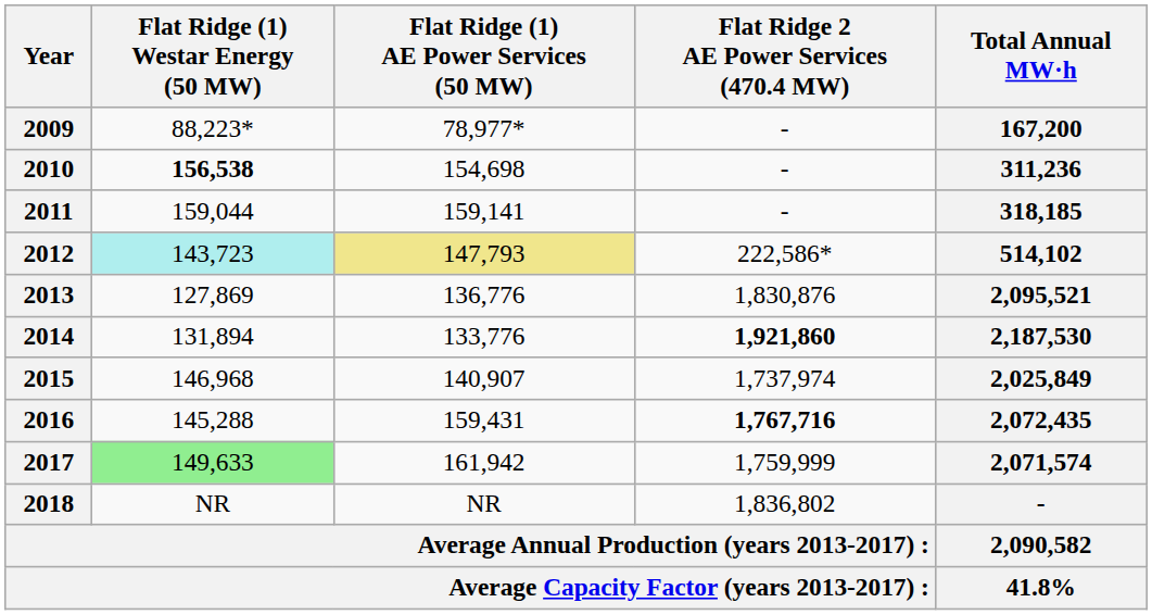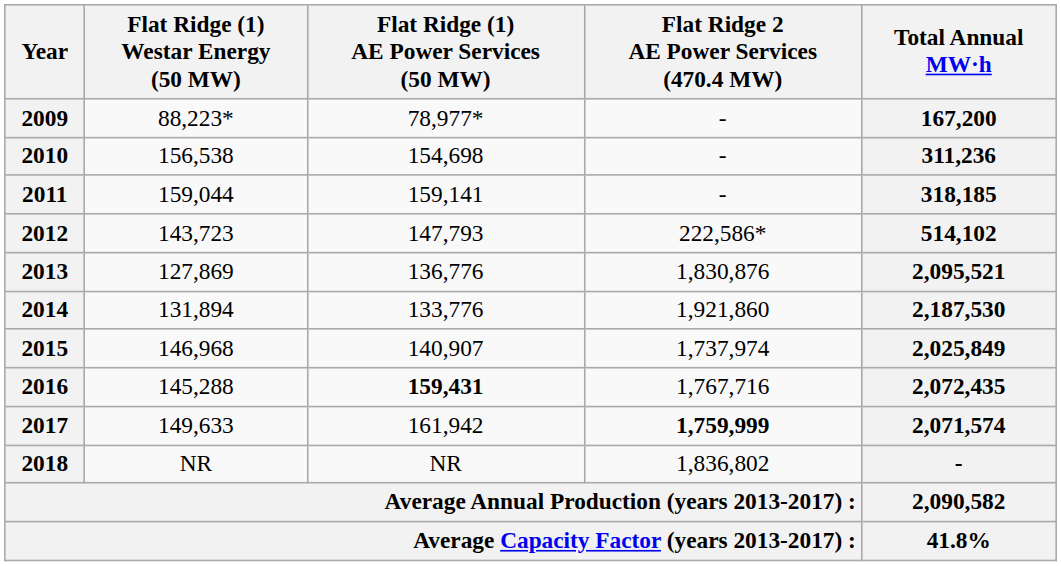 <table class=wikitable style="text-align:center; font-size:0.9em; width:650px;">
 <tr>
 <th>Year</th>
 <th>Flat Ridge (1)<br>Westar Energy<br> (50 MW) </th>
 <th>Flat Ridge (1)<br>AE Power Services<br> (50 MW) </th>
 <th>Flat Ridge 2<br>AE Power Services<br>(470.4 MW) </th>
 <th>Total Annual<br><a href='#'>MW·h</a></th>
 </tr>
 <tr>
 <th>2009</th>
 <td>88,223*</td>
 <td>78,977*</td>
 <td>-</td>
 <th>167,200</th>
 </tr>
 <tr>
 <th>2010</th>
-<td><strong>156,538</strong></td>
+<td>156,538</td>
 <td>154,698</td>
 <td>-</td>
 <th>311,236</th>
 </tr>
 <tr>
 <th>2011</th>
 <td>159,044</td>
 <td>159,141</td>
 <td>-</td>
 <th>318,185</th>
 </tr>
 <tr>
 <th>2012</th>
-<td style="background: paleturquoise;">143,723</td>
-<td style="background: khaki;">147,793</td>
+<td>143,723</td>
+<td>147,793</td>
 <td>222,586*</td>
 <th>514,102</th>
 </tr>
 <tr>
 <th>2013</th>
 <td>127,869</td>
 <td>136,776</td>
 <td>1,830,876</td>
 <th>2,095,521</th>
 </tr>
 <tr>
 <th>2014</th>
 <td>131,894</td>
 <td>133,776</td>
-<td><strong>1,921,860</strong></td>
+<td>1,921,860</td>
 <th>2,187,530</th>
 </tr>
 <tr>
 <th>2015</th>
 <td>146,968</td>
 <td>140,907</td>
 <td>1,737,974</td>
 <th>2,025,849</th>
 </tr>
 <tr>
 <th>2016</th>
 <td>145,288</td>
-<td>159,431</td>
-<td><strong>1,767,716</strong></td>
+<td><strong>159,431</strong></td>
+<td>1,767,716</td>
 <th>2,072,435</th>
 </tr>
 <tr>
 <th>2017</th>
-<td style="background: lightgreen;">149,633</td>
+<td>149,633</td>
 <td>161,942</td>
-<td>1,759,999</td>
+<td><strong>1,759,999</strong></td>
 <th>2,071,574</th>
 </tr>
 <tr>
 <th>2018</th>
 <td>NR</td>
 <td>NR</td>
 <td>1,836,802</td>
 <th>-</th>
 </tr>
 <tr>
 <th colspan=4 style="text-align: right;">Average Annual Production (years 2013-2017) :</th>
 <th>2,090,582</th>
 </tr>
 <tr>
 <th colspan=4 style="text-align: right;">Average <a href='#'>Capacity Factor</a> (years 2013-2017) :</th>
 <th>41.8%</th>
 </tr>
 </table>
